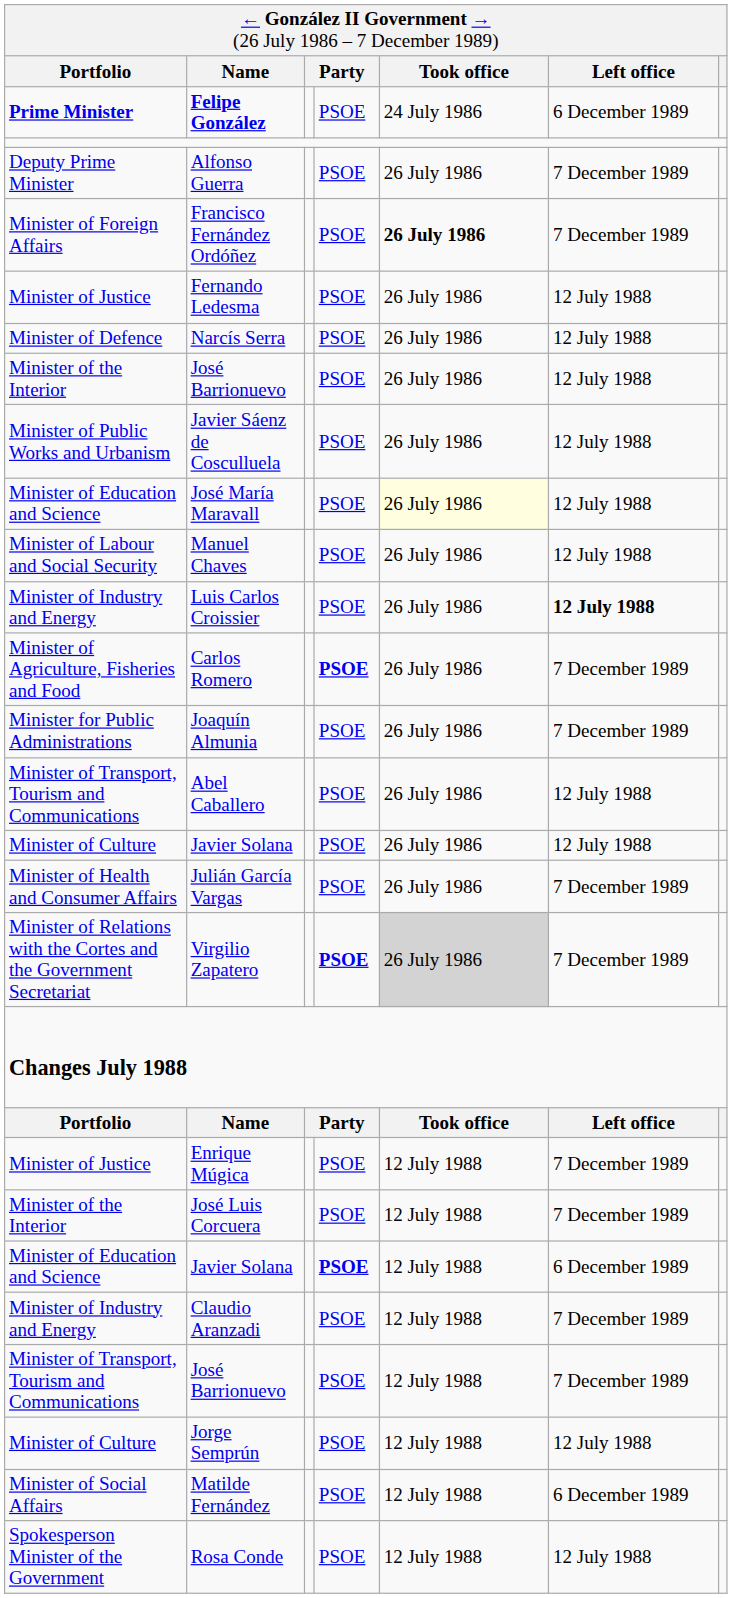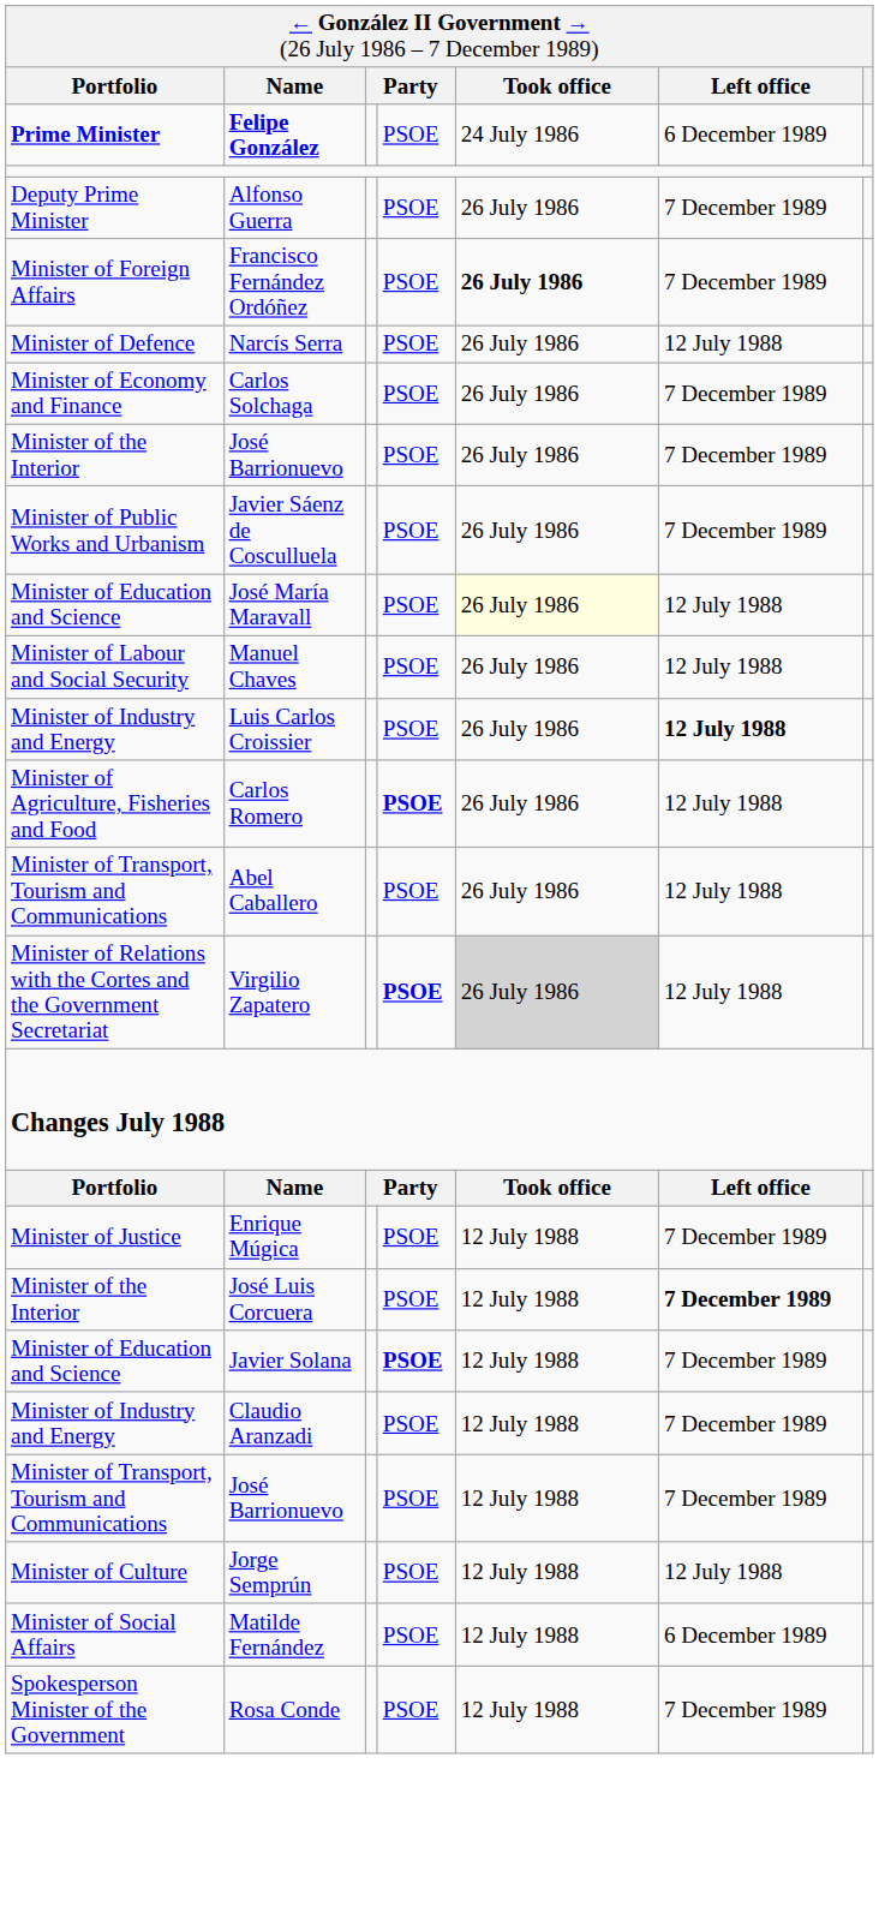 <table class="wikitable">
 <tr>
 <td colspan="7" bgcolor="#F2F2F2" align="center"><a href='#'>←</a> <strong>González II Government</strong> <a href='#'>→</a><br>(26 July 1986 – 7 December 1989)</td>
 </tr>
 <tr>
 <th>Portfolio</th>
 <th>Name</th>
 <th width="100px" colspan="2">Party</th>
 <th width="135px">Took office</th>
 <th width="135px">Left office</th>
 <th></th>
 </tr>
 <tr>
 <td><strong><a href='#'>Prime Minister</a></strong></td>
 <td><strong><a href='#'>Felipe González</a></strong></td>
 <td width="1" style="background-color:"></td>
 <td><a href='#'>PSOE</a></td>
 <td>24 July 1986</td>
 <td>6 December 1989</td>
 <td align="center"></td>
 </tr>
 <tr>
 <td colspan="7"></td>
 </tr>
 <tr>
 <td><a href='#'>Deputy Prime Minister</a></td>
 <td><a href='#'>Alfonso Guerra</a></td>
 <td style="background-color:"></td>
 <td><a href='#'>PSOE</a></td>
 <td>26 July 1986</td>
 <td>7 December 1989</td>
 <td align="center"></td>
 </tr>
 <tr>
 <td><a href='#'>Minister of Foreign Affairs</a></td>
 <td><a href='#'>Francisco Fernández Ordóñez</a></td>
 <td style="background-color:"></td>
 <td><a href='#'>PSOE</a></td>
 <td><strong>26 July 1986</strong></td>
 <td>7 December 1989</td>
 <td align="center"></td>
 </tr>
 <tr>
-<td><a href='#'>Minister of Justice</a></td>
-<td><a href='#'>Fernando Ledesma</a></td>
-<td style="background-color:"></td>
-<td><a href='#'>PSOE</a> </td>
-<td>26 July 1986</td>
-<td>12 July 1988</td>
-<td align="center"></td>
-</tr>
-<tr>
 <td><a href='#'>Minister of Defence</a></td>
 <td><a href='#'>Narcís Serra</a></td>
 <td style="background-color:"></td>
 <td><a href='#'>PSOE</a> </td>
 <td>26 July 1986</td>
 <td>12 July 1988</td>
 <td align="center"></td>
 </tr>
 <tr>
+<td><a href='#'>Minister of Economy and Finance</a></td>
+<td><a href='#'>Carlos Solchaga</a></td>
+<td style="background-color:"></td>
+<td><a href='#'>PSOE</a></td>
+<td>26 July 1986</td>
+<td>7 December 1989</td>
+<td align="center"></td>
+</tr>
+<tr>
 <td><a href='#'>Minister of the Interior</a></td>
 <td><a href='#'>José Barrionuevo</a></td>
 <td style="background-color:"></td>
 <td><a href='#'>PSOE</a></td>
 <td>26 July 1986</td>
-<td>12 July 1988</td>
+<td>7 December 1989</td>
 <td align="center"></td>
 </tr>
 <tr>
 <td><a href='#'>Minister of Public Works and Urbanism</a></td>
 <td><a href='#'>Javier Sáenz de Cosculluela</a></td>
 <td style="background-color:"></td>
 <td><a href='#'>PSOE</a></td>
 <td>26 July 1986</td>
-<td>12 July 1988</td>
+<td>7 December 1989</td>
 <td align="center"></td>
 </tr>
 <tr>
 <td><a href='#'>Minister of Education and Science</a></td>
 <td><a href='#'>José María Maravall</a></td>
 <td style="background-color:"></td>
 <td><a href='#'>PSOE</a></td>
 <td style="background: lightyellow;">26 July 1986</td>
 <td>12 July 1988</td>
 <td align="center"></td>
 </tr>
 <tr>
 <td><a href='#'>Minister of Labour and Social Security</a></td>
 <td><a href='#'>Manuel Chaves</a></td>
 <td style="background-color:"></td>
 <td><a href='#'>PSOE</a></td>
 <td>26 July 1986</td>
 <td>12 July 1988</td>
 <td align="center"></td>
 </tr>
 <tr>
 <td><a href='#'>Minister of Industry and Energy</a></td>
 <td><a href='#'>Luis Carlos Croissier</a></td>
 <td style="background-color:"></td>
 <td><a href='#'>PSOE</a></td>
 <td>26 July 1986</td>
 <td><strong>12 July 1988</strong></td>
 <td align="center"></td>
 </tr>
 <tr>
 <td><a href='#'>Minister of Agriculture, Fisheries and Food</a></td>
 <td><a href='#'>Carlos Romero</a></td>
 <td style="background-color:"></td>
 <td><strong><a href='#'>PSOE</a></strong></td>
 <td>26 July 1986</td>
-<td>7 December 1989</td>
-<td align="center"></td>
-</tr>
-<tr>
-<td><a href='#'>Minister for Public Administrations</a></td>
-<td><a href='#'>Joaquín Almunia</a></td>
-<td style="background-color:"></td>
-<td><a href='#'>PSOE</a></td>
-<td>26 July 1986</td>
-<td>7 December 1989</td>
+<td>12 July 1988</td>
 <td align="center"></td>
 </tr>
 <tr>
 <td><a href='#'>Minister of Transport, Tourism and Communications</a></td>
 <td><a href='#'>Abel Caballero</a></td>
 <td style="background-color:"></td>
 <td><a href='#'>PSOE</a></td>
 <td>26 July 1986</td>
 <td>12 July 1988</td>
 <td align="center"></td>
 </tr>
 <tr>
-<td><a href='#'>Minister of Culture</a></td>
-<td><a href='#'>Javier Solana</a></td>
-<td style="background-color:"></td>
-<td><a href='#'>PSOE</a></td>
-<td>26 July 1986</td>
-<td>12 July 1988</td>
-<td align="center"></td>
-</tr>
-<tr>
-<td><a href='#'>Minister of Health and Consumer Affairs</a></td>
-<td><a href='#'>Julián García Vargas</a></td>
-<td style="background-color:"></td>
-<td><a href='#'>PSOE</a></td>
-<td>26 July 1986</td>
-<td>7 December 1989</td>
-<td align="center"></td>
-</tr>
-<tr>
 <td><a href='#'>Minister of Relations with the Cortes and the Government Secretariat</a></td>
 <td><a href='#'>Virgilio Zapatero</a></td>
 <td style="background-color:"></td>
 <td><strong><a href='#'>PSOE</a></strong></td>
 <td style="background: lightgrey;">26 July 1986</td>
-<td>7 December 1989</td>
+<td>12 July 1988</td>
 <td align="center"></td>
 </tr>
 <tr>
 <td colspan="7"><br><h3>Changes July 1988</h3></td>
 </tr>
 <tr>
 <th>Portfolio</th>
 <th>Name</th>
 <th colspan="2">Party</th>
 <th>Took office</th>
 <th>Left office</th>
 <th></th>
 </tr>
 <tr>
 <td><a href='#'>Minister of Justice</a></td>
 <td><a href='#'>Enrique Múgica</a></td>
 <td style="background-color:"></td>
 <td><a href='#'>PSOE</a></td>
 <td>12 July 1988</td>
 <td>7 December 1989</td>
 <td align="center"></td>
 </tr>
 <tr>
 <td><a href='#'>Minister of the Interior</a></td>
 <td><a href='#'>José Luis Corcuera</a></td>
 <td style="background-color:"></td>
 <td><a href='#'>PSOE</a></td>
 <td>12 July 1988</td>
-<td>7 December 1989</td>
+<td><strong>7 December 1989</strong></td>
 <td align="center"></td>
 </tr>
 <tr>
 <td><a href='#'>Minister of Education and Science</a></td>
 <td><a href='#'>Javier Solana</a></td>
 <td style="background-color:"></td>
 <td><strong><a href='#'>PSOE</a></strong></td>
 <td>12 July 1988</td>
-<td>6 December 1989</td>
+<td>7 December 1989</td>
 <td align="center"></td>
 </tr>
 <tr>
 <td><a href='#'>Minister of Industry and Energy</a></td>
 <td><a href='#'>Claudio Aranzadi</a></td>
 <td style="background-color:"></td>
 <td><a href='#'>PSOE</a> </td>
 <td>12 July 1988</td>
 <td>7 December 1989</td>
 <td align="center"></td>
 </tr>
 <tr>
 <td><a href='#'>Minister of Transport, Tourism and Communications</a></td>
 <td><a href='#'>José Barrionuevo</a></td>
 <td style="background-color:"></td>
 <td><a href='#'>PSOE</a></td>
 <td>12 July 1988</td>
 <td>7 December 1989</td>
 <td align="center"></td>
 </tr>
 <tr>
 <td><a href='#'>Minister of Culture</a></td>
 <td><a href='#'>Jorge Semprún</a></td>
 <td style="background-color:"></td>
 <td><a href='#'>PSOE</a> </td>
 <td>12 July 1988</td>
 <td>12 July 1988</td>
 <td align="center"></td>
 </tr>
 <tr>
 <td><a href='#'>Minister of Social Affairs</a></td>
 <td><a href='#'>Matilde Fernández</a></td>
 <td style="background-color:"></td>
 <td><a href='#'>PSOE</a></td>
 <td>12 July 1988</td>
 <td>6 December 1989</td>
 <td align="center"></td>
 </tr>
 <tr>
 <td><a href='#'>Spokesperson Minister of the Government</a></td>
 <td><a href='#'>Rosa Conde</a></td>
 <td style="background-color:"></td>
 <td><a href='#'>PSOE</a> </td>
 <td>12 July 1988</td>
-<td>12 July 1988</td>
+<td>7 December 1989</td>
 <td align="center"></td>
 </tr>
 </table>
